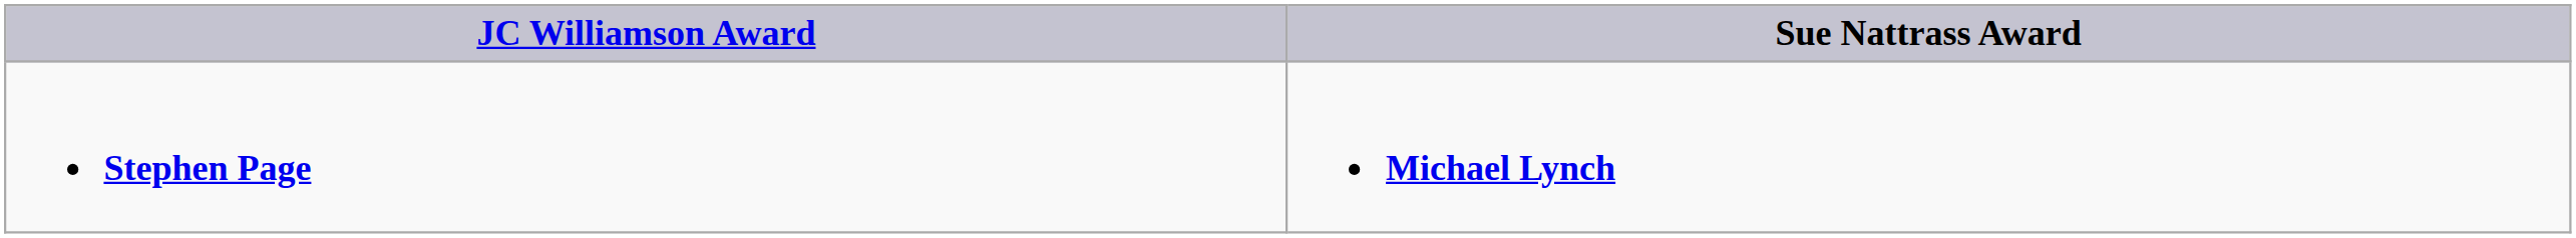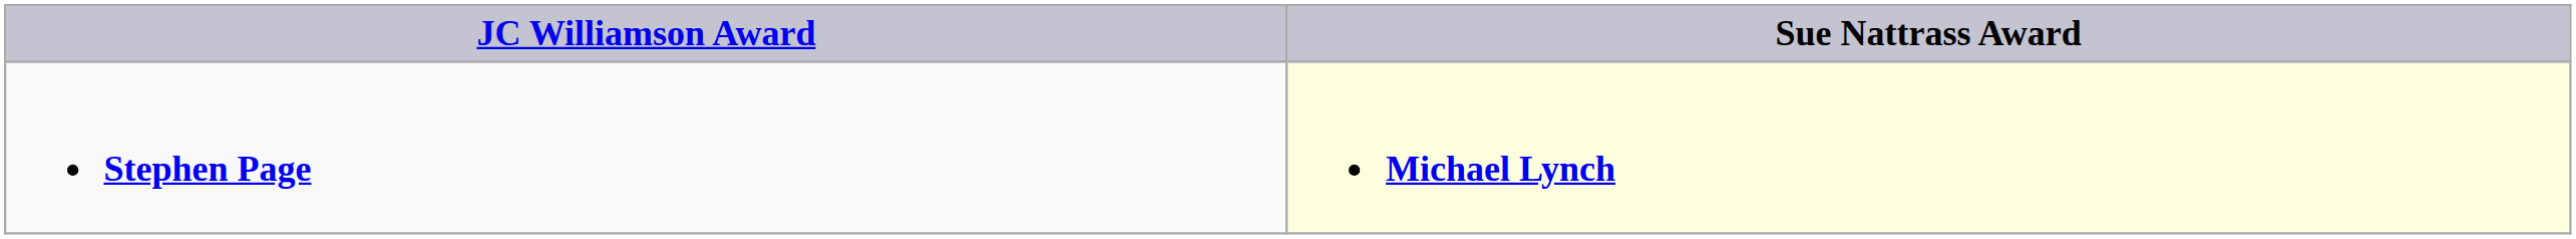 <table class=wikitable width="90%" border="1" cellpadding="5" cellspacing="0" align="centre">
 <tr>
 <th style="background:#C4C3D0;width:50%"><a href='#'>JC Williamson Award</a></th>
 <th style="background:#C4C3D0;width:50%">Sue Nattrass Award</th>
 </tr>
 <tr>
 <td valign="top"><br><ul><li><strong><a href='#'>Stephen Page</a></strong></li></ul></td>
-<td valign="top"><br><ul><li><strong><a href='#'>Michael Lynch</a></strong></li></ul></td>
+<td valign="top" style="background: lightyellow;"><br><ul><li><strong><a href='#'>Michael Lynch</a></strong></li></ul></td>
 </tr>
 </table>
